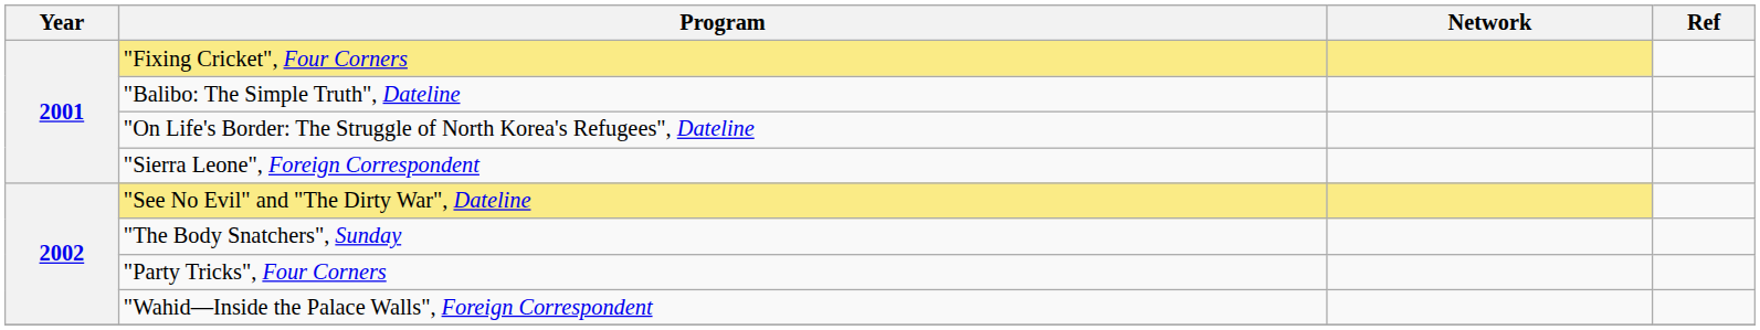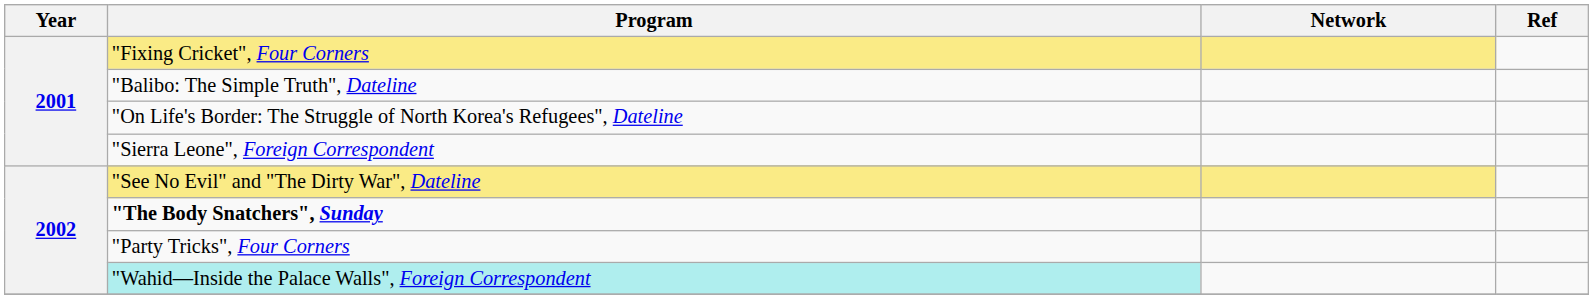 <table class="wikitable sortable">
 <tr style="background:#bebebe;">
 <th scope="col" style="width:1%;">Year</th>
 <th scope="col" style="width:16%;">Program</th>
 <th scope="col" style="width:4%;">Network</th>
 <th scope="col" style="width:1%;" class="unsortable">Ref</th>
 </tr>
 <tr>
 <th scope="row" rowspan="4" style="text-align:center"><a href='#'>2001</a></th>
 <td style="background:#FAEB86">"Fixing Cricket", <em><a href='#'>Four Corners</a></em></td>
 <td style="background:#FAEB86"></td>
 <td></td>
 </tr>
 <tr>
 <td>"Balibo: The Simple Truth", <em><a href='#'>Dateline</a></em></td>
 <td></td>
 <td></td>
 </tr>
 <tr>
 <td>"On Life's Border: The Struggle of North Korea's Refugees", <em><a href='#'>Dateline</a></em></td>
 <td></td>
 <td></td>
 </tr>
 <tr>
 <td>"Sierra Leone", <em><a href='#'>Foreign Correspondent</a></em></td>
 <td></td>
 <td></td>
 </tr>
 <tr>
 <th scope="row" rowspan="4" style="text-align:center"><a href='#'>2002</a></th>
 <td style="background:#FAEB86">"See No Evil" and "The Dirty War", <em><a href='#'>Dateline</a></em></td>
 <td style="background:#FAEB86"></td>
 <td></td>
 </tr>
 <tr>
-<td>"The Body Snatchers", <em><a href='#'>Sunday</a></em></td>
+<td><strong>"The Body Snatchers", <em><a href='#'>Sunday</a></em></strong></td>
 <td></td>
 <td></td>
 </tr>
 <tr>
 <td>"Party Tricks", <em><a href='#'>Four Corners</a></em></td>
 <td></td>
 <td></td>
 </tr>
 <tr>
-<td>"Wahid—Inside the Palace Walls", <em><a href='#'>Foreign Correspondent</a></em></td>
+<td style="background: paleturquoise;">"Wahid—Inside the Palace Walls", <em><a href='#'>Foreign Correspondent</a></em></td>
 <td></td>
 <td></td>
 </tr>
 <tr>
 </tr>
 </table>
